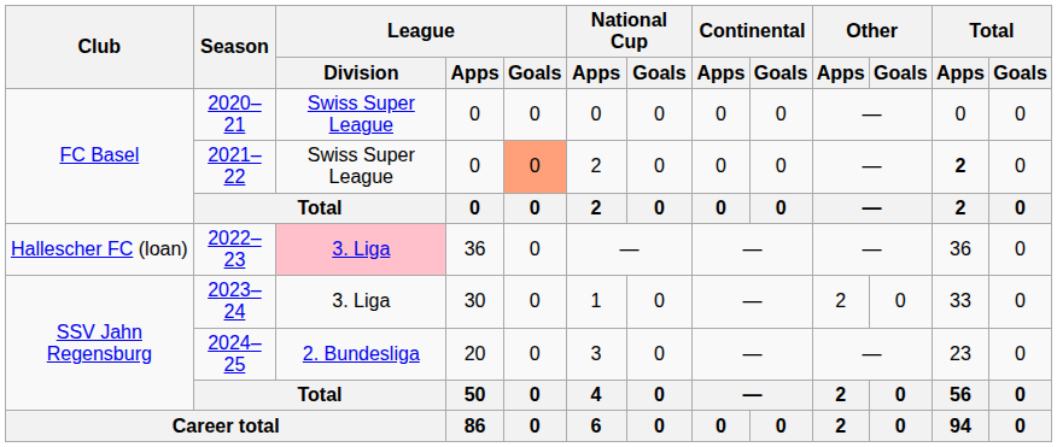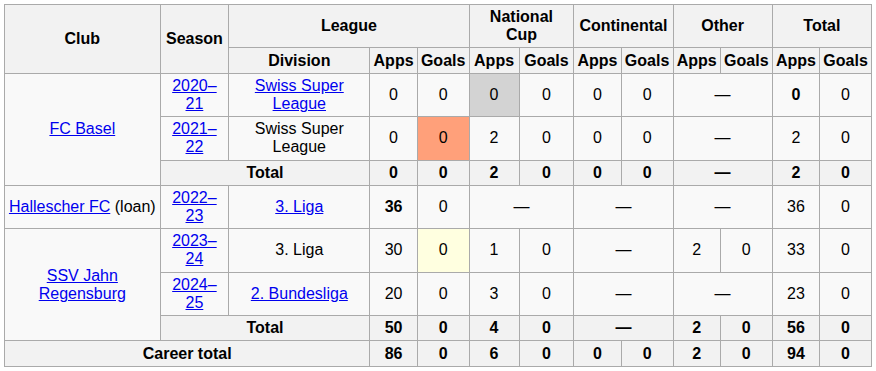 <table class="wikitable" style="text-align:center">
 <tr>
 <th rowspan="2">Club</th>
 <th rowspan="2">Season</th>
 <th colspan="3">League</th>
 <th colspan="2">National Cup</th>
 <th colspan="2">Continental</th>
 <th colspan="2">Other</th>
 <th colspan="2">Total</th>
 </tr>
 <tr>
 <th>Division</th>
 <th>Apps</th>
 <th>Goals</th>
 <th>Apps</th>
 <th>Goals</th>
 <th>Apps</th>
 <th>Goals</th>
 <th>Apps</th>
 <th>Goals</th>
 <th>Apps</th>
 <th>Goals</th>
 </tr>
 <tr>
 <td rowspan="3"><a href='#'>FC Basel</a></td>
 <td><a href='#'>2020–21</a></td>
 <td><a href='#'>Swiss Super League</a></td>
 <td>0</td>
 <td>0</td>
-<td>0</td>
+<td style="background: lightgrey;">0</td>
 <td>0</td>
 <td>0</td>
 <td>0</td>
 <td colspan="2">—</td>
-<td>0</td>
+<td><strong>0</strong></td>
 <td>0</td>
 </tr>
 <tr>
 <td><a href='#'>2021–22</a></td>
 <td>Swiss Super League</td>
 <td>0</td>
 <td style="background: lightsalmon;">0</td>
 <td>2</td>
 <td>0</td>
 <td>0</td>
 <td>0</td>
 <td colspan="2">—</td>
-<td><strong>2</strong></td>
+<td>2</td>
 <td>0</td>
 </tr>
 <tr>
 <th colspan="2">Total</th>
 <th>0</th>
 <th>0</th>
 <th>2</th>
 <th>0</th>
 <th>0</th>
 <th>0</th>
 <th colspan="2">—</th>
 <th>2</th>
 <th>0</th>
 </tr>
 <tr>
 <td><a href='#'>Hallescher FC</a> (loan)</td>
 <td><a href='#'>2022–23</a></td>
-<td style="background: pink;"><a href='#'>3. Liga</a></td>
-<td>36</td>
+<td><a href='#'>3. Liga</a></td>
+<td><strong>36</strong></td>
 <td>0</td>
 <td colspan="2">—</td>
 <td colspan="2">—</td>
 <td colspan="2">—</td>
 <td>36</td>
 <td>0</td>
 </tr>
 <tr>
 <td rowspan="3"><a href='#'>SSV Jahn Regensburg</a></td>
 <td><a href='#'>2023–24</a></td>
 <td>3. Liga</td>
 <td>30</td>
-<td>0</td>
+<td style="background: lightyellow;">0</td>
 <td>1</td>
 <td>0</td>
 <td colspan="2">—</td>
 <td>2</td>
 <td>0</td>
 <td>33</td>
 <td>0</td>
 </tr>
 <tr>
 <td><a href='#'>2024–25</a></td>
 <td><a href='#'>2. Bundesliga</a></td>
 <td>20</td>
 <td>0</td>
 <td>3</td>
 <td>0</td>
 <td colspan="2">—</td>
 <td colspan="2">—</td>
 <td>23</td>
 <td>0</td>
 </tr>
 <tr>
 <th colspan="2">Total</th>
 <th>50</th>
 <th>0</th>
 <th>4</th>
 <th>0</th>
 <th colspan="2">—</th>
 <th>2</th>
 <th>0</th>
 <th>56</th>
 <th>0</th>
 </tr>
 <tr>
 <th colspan="3">Career total</th>
 <th>86</th>
 <th>0</th>
 <th>6</th>
 <th>0</th>
 <th>0</th>
 <th>0</th>
 <th>2</th>
 <th>0</th>
 <th>94</th>
 <th>0</th>
 </tr>
 </table>
